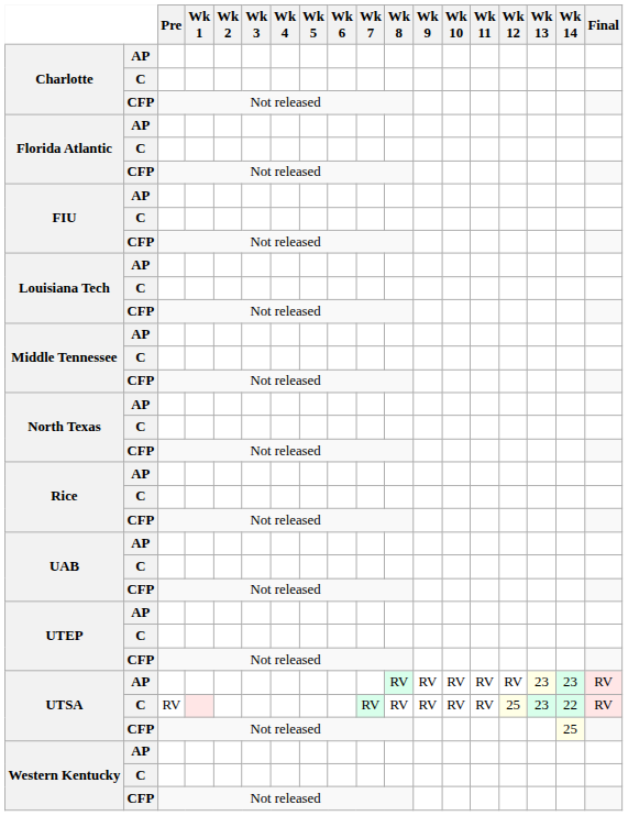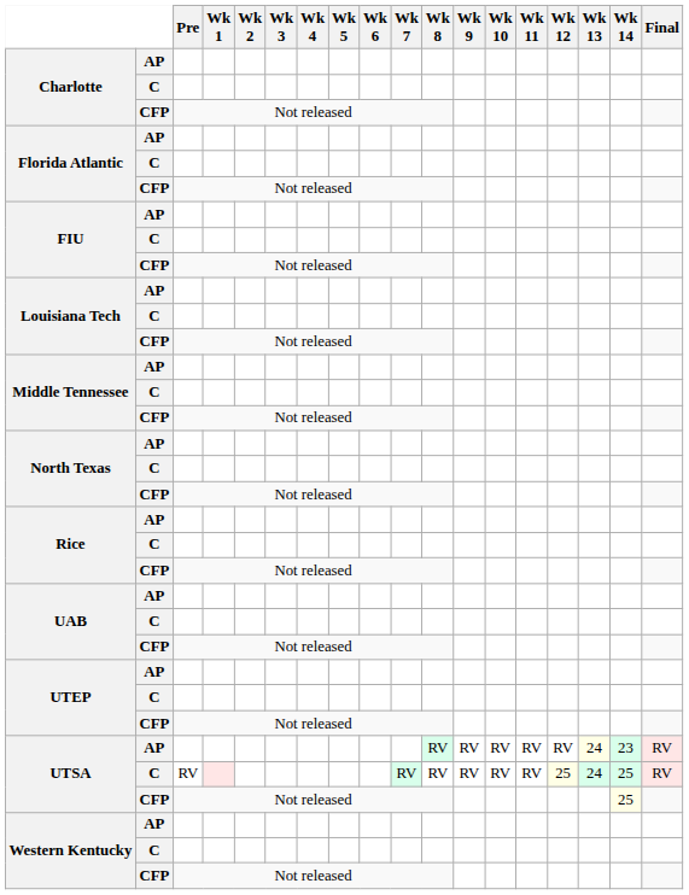 <table class="wikitable" style="white-space:nowrap;font-size:85%;">
 <tr>
 <th colspan=2 style="background:white; border-top-style:hidden; border-left-style:hidden;"> </th>
 <th>Pre</th>
 <th>Wk<br>1</th>
 <th>Wk<br>2</th>
 <th>Wk<br>3</th>
 <th>Wk<br>4</th>
 <th>Wk<br>5</th>
 <th>Wk<br>6</th>
 <th>Wk<br>7</th>
 <th>Wk<br>8</th>
 <th>Wk<br>9</th>
 <th>Wk<br>10</th>
 <th>Wk<br>11</th>
 <th>Wk<br>12</th>
 <th>Wk<br>13</th>
 <th>Wk<br>14</th>
 <th>Final</th>
 </tr>
 <tr style="text-align:center;">
 <th rowspan=3 style=>Charlotte</th>
 <th>AP</th>
 <td style="background:#FFF;"></td>
 <td style="background:#FFF;"></td>
 <td style="background:#FFF;"></td>
 <td style="background:#FFF;"></td>
 <td style="background:#FFF;"></td>
 <td style="background:#FFF;"></td>
 <td style="background:#FFF;"></td>
 <td style="background:#FFF;"></td>
 <td style="background:#FFF;"></td>
 <td style="background:#FFF;"></td>
 <td style="background:#FFF;"></td>
 <td style="background:#FFF;"></td>
 <td style="background:#FFF;"></td>
 <td style="background:#FFF;"></td>
 <td style="background:#FFF;"></td>
 <td style="background:#FFF;"></td>
 </tr>
 <tr style="text-align:center;">
 <th>C</th>
 <td style="background:#FFF;"></td>
 <td style="background:#FFF;"></td>
 <td style="background:#FFF;"></td>
 <td style="background:#FFF;"></td>
 <td style="background:#FFF;"></td>
 <td style="background:#FFF;"></td>
 <td style="background:#FFF;"></td>
 <td style="background:#FFF;"></td>
 <td style="background:#FFF;"></td>
 <td style="background:#FFF;"></td>
 <td style="background:#FFF;"></td>
 <td style="background:#FFF;"></td>
 <td style="background:#FFF;"></td>
 <td style="background:#FFF;"></td>
 <td style="background:#FFF;"></td>
 <td style="background:#FFF;"></td>
 </tr>
 <tr style="text-align:center;">
 <th>CFP</th>
 <td colspan="9" style="text-align:center;">Not released</td>
 <td style="background:#FFF;"></td>
 <td style="background:#FFF;"></td>
 <td style="background:#FFF;"></td>
 <td style="background:#FFF;"></td>
 <td style="background:#FFF;"></td>
 <td style="background:#FFF;"></td>
 <td style="text-align:center;"></td>
 </tr>
 <tr style="text-align:center;">
 <th rowspan=3 style=>Florida Atlantic</th>
 <th>AP</th>
 <td style="background:#FFF;"></td>
 <td style="background:#FFF;"></td>
 <td style="background:#FFF;"></td>
 <td style="background:#FFF;"></td>
 <td style="background:#FFF;"></td>
 <td style="background:#FFF;"></td>
 <td style="background:#FFF;"></td>
 <td style="background:#FFF;"></td>
 <td style="background:#FFF;"></td>
 <td style="background:#FFF;"></td>
 <td style="background:#FFF;"></td>
 <td style="background:#FFF;"></td>
 <td style="background:#FFF;"></td>
 <td style="background:#FFF;"></td>
 <td style="background:#FFF;"></td>
 <td style="background:#FFF;"></td>
 </tr>
 <tr style="text-align:center;">
 <th>C</th>
 <td style="background:#FFF;"></td>
 <td style="background:#FFF;"></td>
 <td style="background:#FFF;"></td>
 <td style="background:#FFF;"></td>
 <td style="background:#FFF;"></td>
 <td style="background:#FFF;"></td>
 <td style="background:#FFF;"></td>
 <td style="background:#FFF;"></td>
 <td style="background:#FFF;"></td>
 <td style="background:#FFF;"></td>
 <td style="background:#FFF;"></td>
 <td style="background:#FFF;"></td>
 <td style="background:#FFF;"></td>
 <td style="background:#FFF;"></td>
 <td style="background:#FFF;"></td>
 <td style="background:#FFF;"></td>
 </tr>
 <tr style="text-align:center;">
 <th>CFP</th>
 <td colspan="9" style="text-align:center;">Not released</td>
 <td style="background:#FFF;"></td>
 <td style="background:#FFF;"></td>
 <td style="background:#FFF;"></td>
 <td style="background:#FFF;"></td>
 <td style="background:#FFF;"></td>
 <td style="background:#FFF;"></td>
 <td style="text-align:center;"></td>
 </tr>
 <tr style="text-align:center;">
 <th rowspan=3 style=>FIU</th>
 <th>AP</th>
 <td style="background:#FFF;"></td>
 <td style="background:#FFF;"></td>
 <td style="background:#FFF;"></td>
 <td style="background:#FFF;"></td>
 <td style="background:#FFF;"></td>
 <td style="background:#FFF;"></td>
 <td style="background:#FFF;"></td>
 <td style="background:#FFF;"></td>
 <td style="background:#FFF;"></td>
 <td style="background:#FFF;"></td>
 <td style="background:#FFF;"></td>
 <td style="background:#FFF;"></td>
 <td style="background:#FFF;"></td>
 <td style="background:#FFF;"></td>
 <td style="background:#FFF;"></td>
 <td style="background:#FFF;"></td>
 </tr>
 <tr style="text-align:center;">
 <th>C</th>
 <td style="background:#FFF;"></td>
 <td style="background:#FFF;"></td>
 <td style="background:#FFF;"></td>
 <td style="background:#FFF;"></td>
 <td style="background:#FFF;"></td>
 <td style="background:#FFF;"></td>
 <td style="background:#FFF;"></td>
 <td style="background:#FFF;"></td>
 <td style="background:#FFF;"></td>
 <td style="background:#FFF;"></td>
 <td style="background:#FFF;"></td>
 <td style="background:#FFF;"></td>
 <td style="background:#FFF;"></td>
 <td style="background:#FFF;"></td>
 <td style="background:#FFF;"></td>
 <td style="background:#FFF;"></td>
 </tr>
 <tr style="text-align:center;">
 <th>CFP</th>
 <td colspan="9" style="text-align:center;">Not released</td>
 <td style="background:#FFF;"></td>
 <td style="background:#FFF;"></td>
 <td style="background:#FFF;"></td>
 <td style="background:#FFF;"></td>
 <td style="background:#FFF;"></td>
 <td style="background:#FFF;"></td>
 <td style="text-align:center;"></td>
 </tr>
 <tr style="text-align:center;">
 <th rowspan=3 style=>Louisiana Tech</th>
 <th>AP</th>
 <td style="background:#FFF;"></td>
 <td style="background:#FFF;"></td>
 <td style="background:#FFF;"></td>
 <td style="background:#FFF;"></td>
 <td style="background:#FFF;"></td>
 <td style="background:#FFF;"></td>
 <td style="background:#FFF;"></td>
 <td style="background:#FFF;"></td>
 <td style="background:#FFF;"></td>
 <td style="background:#FFF;"></td>
 <td style="background:#FFF;"></td>
 <td style="background:#FFF;"></td>
 <td style="background:#FFF;"></td>
 <td style="background:#FFF;"></td>
 <td style="background:#FFF;"></td>
 <td style="background:#FFF;"></td>
 </tr>
 <tr style="text-align:center;">
 <th>C</th>
 <td style="background:#FFF;"></td>
 <td style="background:#FFF;"></td>
 <td style="background:#FFF;"></td>
 <td style="background:#FFF;"></td>
 <td style="background:#FFF;"></td>
 <td style="background:#FFF;"></td>
 <td style="background:#FFF;"></td>
 <td style="background:#FFF;"></td>
 <td style="background:#FFF;"></td>
 <td style="background:#FFF;"></td>
 <td style="background:#FFF;"></td>
 <td style="background:#FFF;"></td>
 <td style="background:#FFF;"></td>
 <td style="background:#FFF;"></td>
 <td style="background:#FFF;"></td>
 <td style="background:#FFF;"></td>
 </tr>
 <tr style="text-align:center;">
 <th>CFP</th>
 <td colspan="9" style="text-align:center;">Not released</td>
 <td style="background:#FFF;"></td>
 <td style="background:#FFF;"></td>
 <td style="background:#FFF;"></td>
 <td style="background:#FFF;"></td>
 <td style="background:#FFF;"></td>
 <td style="background:#FFF;"></td>
 <td style="text-align:center;"></td>
 </tr>
 <tr style="text-align:center;">
 <th rowspan=3 style=>Middle Tennessee</th>
 <th>AP</th>
 <td style="background:#FFF;"></td>
 <td style="background:#FFF;"></td>
 <td style="background:#FFF;"></td>
 <td style="background:#FFF;"></td>
 <td style="background:#FFF;"></td>
 <td style="background:#FFF;"></td>
 <td style="background:#FFF;"></td>
 <td style="background:#FFF;"></td>
 <td style="background:#FFF;"></td>
 <td style="background:#FFF;"></td>
 <td style="background:#FFF;"></td>
 <td style="background:#FFF;"></td>
 <td style="background:#FFF;"></td>
 <td style="background:#FFF;"></td>
 <td style="background:#FFF;"></td>
 <td style="background:#FFF;"></td>
 </tr>
 <tr style="text-align:center;">
 <th>C</th>
 <td style="background:#FFF;"></td>
 <td style="background:#FFF;"></td>
 <td style="background:#FFF;"></td>
 <td style="background:#FFF;"></td>
 <td style="background:#FFF;"></td>
 <td style="background:#FFF;"></td>
 <td style="background:#FFF;"></td>
 <td style="background:#FFF;"></td>
 <td style="background:#FFF;"></td>
 <td style="background:#FFF;"></td>
 <td style="background:#FFF;"></td>
 <td style="background:#FFF;"></td>
 <td style="background:#FFF;"></td>
 <td style="background:#FFF;"></td>
 <td style="background:#FFF;"></td>
 <td style="background:#FFF;"></td>
 </tr>
 <tr style="text-align:center;">
 <th>CFP</th>
 <td colspan="9" style="text-align:center;">Not released</td>
 <td style="background:#FFF;"></td>
 <td style="background:#FFF;"></td>
 <td style="background:#FFF;"></td>
 <td style="background:#FFF;"></td>
 <td style="background:#FFF;"></td>
 <td style="background:#FFF;"></td>
 <td style="text-align:center;"></td>
 </tr>
 <tr style="text-align:center;">
 <th rowspan=3 style=>North Texas</th>
 <th>AP</th>
 <td style="background:#FFF;"></td>
 <td style="background:#FFF;"></td>
 <td style="background:#FFF;"></td>
 <td style="background:#FFF;"></td>
 <td style="background:#FFF;"></td>
 <td style="background:#FFF;"></td>
 <td style="background:#FFF;"></td>
 <td style="background:#FFF;"></td>
 <td style="background:#FFF;"></td>
 <td style="background:#FFF;"></td>
 <td style="background:#FFF;"></td>
 <td style="background:#FFF;"></td>
 <td style="background:#FFF;"></td>
 <td style="background:#FFF;"></td>
 <td style="background:#FFF;"></td>
 <td style="background:#FFF;"></td>
 </tr>
 <tr style="text-align:center;">
 <th>C</th>
 <td style="background:#FFF;"></td>
 <td style="background:#FFF;"></td>
 <td style="background:#FFF;"></td>
 <td style="background:#FFF;"></td>
 <td style="background:#FFF;"></td>
 <td style="background:#FFF;"></td>
 <td style="background:#FFF;"></td>
 <td style="background:#FFF;"></td>
 <td style="background:#FFF;"></td>
 <td style="background:#FFF;"></td>
 <td style="background:#FFF;"></td>
 <td style="background:#FFF;"></td>
 <td style="background:#FFF;"></td>
 <td style="background:#FFF;"></td>
 <td style="background:#FFF;"></td>
 <td style="background:#FFF;"></td>
 </tr>
 <tr style="text-align:center;">
 <th>CFP</th>
 <td colspan="9" style="text-align:center;">Not released</td>
 <td style="background:#FFF;"></td>
 <td style="background:#FFF;"></td>
 <td style="background:#FFF;"></td>
 <td style="background:#FFF;"></td>
 <td style="background:#FFF;"></td>
 <td style="background:#FFF;"></td>
 <td style="text-align:center;"></td>
 </tr>
 <tr style="text-align:center;">
 <th rowspan=3 style=>Rice</th>
 <th>AP</th>
 <td style="background:#FFF;"></td>
 <td style="background:#FFF;"></td>
 <td style="background:#FFF;"></td>
 <td style="background:#FFF;"></td>
 <td style="background:#FFF;"></td>
 <td style="background:#FFF;"></td>
 <td style="background:#FFF;"></td>
 <td style="background:#FFF;"></td>
 <td style="background:#FFF;"></td>
 <td style="background:#FFF;"></td>
 <td style="background:#FFF;"></td>
 <td style="background:#FFF;"></td>
 <td style="background:#FFF;"></td>
 <td style="background:#FFF;"></td>
 <td style="background:#FFF;"></td>
 <td style="background:#FFF;"></td>
 </tr>
 <tr style="text-align:center;">
 <th>C</th>
 <td style="background:#FFF;"></td>
 <td style="background:#FFF;"></td>
 <td style="background:#FFF;"></td>
 <td style="background:#FFF;"></td>
 <td style="background:#FFF;"></td>
 <td style="background:#FFF;"></td>
 <td style="background:#FFF;"></td>
 <td style="background:#FFF;"></td>
 <td style="background:#FFF;"></td>
 <td style="background:#FFF;"></td>
 <td style="background:#FFF;"></td>
 <td style="background:#FFF;"></td>
 <td style="background:#FFF;"></td>
 <td style="background:#FFF;"></td>
 <td style="background:#FFF;"></td>
 <td style="background:#FFF;"></td>
 </tr>
 <tr style="text-align:center;">
 <th>CFP</th>
 <td colspan="9" style="text-align:center;">Not released</td>
 <td style="background:#FFF;"></td>
 <td style="background:#FFF;"></td>
 <td style="background:#FFF;"></td>
 <td style="background:#FFF;"></td>
 <td style="background:#FFF;"></td>
 <td style="background:#FFF;"></td>
 <td style="text-align:center;"></td>
 </tr>
 <tr style="text-align:center;">
 <th rowspan=3 style=>UAB</th>
 <th>AP</th>
 <td style="background:#FFF;"></td>
 <td style="background:#FFF;"></td>
 <td style="background:#FFF;"></td>
 <td style="background:#FFF;"></td>
 <td style="background:#FFF;"></td>
 <td style="background:#FFF;"></td>
 <td style="background:#FFF;"></td>
 <td style="background:#FFF;"></td>
 <td style="background:#FFF;"></td>
 <td style="background:#FFF;"></td>
 <td style="background:#FFF;"></td>
 <td style="background:#FFF;"></td>
 <td style="background:#FFF;"></td>
 <td style="background:#FFF;"></td>
 <td style="background:#FFF;"></td>
 <td style="background:#FFF;"></td>
 </tr>
 <tr style="text-align:center;">
 <th>C</th>
 <td style="background:#FFF;"></td>
 <td style="background:#FFF;"></td>
 <td style="background:#FFF;"></td>
 <td style="background:#FFF;"></td>
 <td style="background:#FFF;"></td>
 <td style="background:#FFF;"></td>
 <td style="background:#FFF;"></td>
 <td style="background:#FFF;"></td>
 <td style="background:#FFF;"></td>
 <td style="background:#FFF;"></td>
 <td style="background:#FFF;"></td>
 <td style="background:#FFF;"></td>
 <td style="background:#FFF;"></td>
 <td style="background:#FFF;"></td>
 <td style="background:#FFF;"></td>
 <td style="background:#FFF;"></td>
 </tr>
 <tr style="text-align:center;">
 <th>CFP</th>
 <td colspan="9" style="text-align:center;">Not released</td>
 <td style="background:#FFF;"></td>
 <td style="background:#FFF;"></td>
 <td style="background:#FFF;"></td>
 <td style="background:#FFF;"></td>
 <td style="background:#FFF;"></td>
 <td style="background:#FFF;"></td>
 <td style="text-align:center;"></td>
 </tr>
 <tr style="text-align:center;">
 <th rowspan=3 style=>UTEP</th>
 <th>AP</th>
 <td style="background:#FFF;"></td>
 <td style="background:#FFF;"></td>
 <td style="background:#FFF;"></td>
 <td style="background:#FFF;"></td>
 <td style="background:#FFF;"></td>
 <td style="background:#FFF;"></td>
 <td style="background:#FFF;"></td>
 <td style="background:#FFF;"></td>
 <td style="background:#FFF;"></td>
 <td style="background:#FFF;"></td>
 <td style="background:#FFF;"></td>
 <td style="background:#FFF;"></td>
 <td style="background:#FFF;"></td>
 <td style="background:#FFF;"></td>
 <td style="background:#FFF;"></td>
 <td style="background:#FFF;"></td>
 </tr>
 <tr style="text-align:center;">
 <th>C</th>
 <td style="background:#FFF;"></td>
 <td style="background:#FFF;"></td>
 <td style="background:#FFF;"></td>
 <td style="background:#FFF;"></td>
 <td style="background:#FFF;"></td>
 <td style="background:#FFF;"></td>
 <td style="background:#FFF;"></td>
 <td style="background:#FFF;"></td>
 <td style="background:#FFF;"></td>
 <td style="background:#FFF;"></td>
 <td style="background:#FFF;"></td>
 <td style="background:#FFF;"></td>
 <td style="background:#FFF;"></td>
 <td style="background:#FFF;"></td>
 <td style="background:#FFF;"></td>
 <td style="background:#FFF;"></td>
 </tr>
 <tr style="text-align:center;">
 <th>CFP</th>
 <td colspan="9" style="text-align:center;">Not released</td>
 <td style="background:#FFF;"></td>
 <td style="background:#FFF;"></td>
 <td style="background:#FFF;"></td>
 <td style="background:#FFF;"></td>
 <td style="background:#FFF;"></td>
 <td style="background:#FFF;"></td>
 <td style="text-align:center;"></td>
 </tr>
 <tr style="text-align:center;">
 <th rowspan=3 style=>UTSA</th>
 <th>AP</th>
 <td style="background:#FFF;"></td>
 <td style="background:#FFF;"></td>
 <td style="background:#FFF;"></td>
 <td style="background:#FFF;"></td>
 <td style="background:#FFF;"></td>
 <td style="background:#FFF;"></td>
 <td style="background:#FFF;"></td>
 <td style="background:#FFF;"></td>
 <td style="background:#d8ffeb;">RV</td>
 <td style="background:#FFF;">RV</td>
 <td style="background:#FFF;">RV</td>
 <td style="background:#FFF;">RV</td>
 <td style="background:#FFF;">RV</td>
-<td style="background:#ffffe6;">23</td>
+<td style="background:#ffffe6;">24</td>
 <td style="background:#d8ffeb;">23</td>
 <td style="background:#ffe6e6;">RV</td>
 </tr>
 <tr style="text-align:center;">
 <th>C</th>
 <td style="background:#FFF;">RV</td>
 <td style="background:#ffe6e6;"></td>
 <td style="background:#FFF;"></td>
 <td style="background:#FFF;"></td>
 <td style="background:#FFF;"></td>
 <td style="background:#FFF;"></td>
 <td style="background:#FFF;"></td>
 <td style="background:#d8ffeb;">RV</td>
 <td style="background:#FFF;">RV</td>
 <td style="background:#FFF;">RV</td>
 <td style="background:#FFF;">RV</td>
 <td style="background:#FFF;">RV</td>
 <td style="background:#ffffe6;">25</td>
-<td style="background:#d8ffeb;">23</td>
-<td style="background:#d8ffeb;">22</td>
+<td style="background:#d8ffeb;">24</td>
+<td style="background:#d8ffeb;">25</td>
 <td style="background:#ffe6e6;">RV</td>
 </tr>
 <tr style="text-align:center;">
 <th>CFP</th>
 <td colspan="9" style="text-align:center;">Not released</td>
 <td style="background:#FFF;"></td>
 <td style="background:#FFF;"></td>
 <td style="background:#FFF;"></td>
 <td style="background:#FFF;"></td>
 <td style="background:#FFF;"></td>
 <td style="background:#ffffe6;">25</td>
 <td style="text-align:center;"></td>
 </tr>
 <tr style="text-align:center;">
 <th rowspan=3 style=>Western Kentucky</th>
 <th>AP</th>
 <td style="background:#FFF;"></td>
 <td style="background:#FFF;"></td>
 <td style="background:#FFF;"></td>
 <td style="background:#FFF;"></td>
 <td style="background:#FFF;"></td>
 <td style="background:#FFF;"></td>
 <td style="background:#FFF;"></td>
 <td style="background:#FFF;"></td>
 <td style="background:#FFF;"></td>
 <td style="background:#FFF;"></td>
 <td style="background:#FFF;"></td>
 <td style="background:#FFF;"></td>
 <td style="background:#FFF;"></td>
 <td style="background:#FFF;"></td>
 <td style="background:#FFF;"></td>
 <td style="background:#FFF;"></td>
 </tr>
 <tr style="text-align:center;">
 <th>C</th>
 <td style="background:#FFF;"></td>
 <td style="background:#FFF;"></td>
 <td style="background:#FFF;"></td>
 <td style="background:#FFF;"></td>
 <td style="background:#FFF;"></td>
 <td style="background:#FFF;"></td>
 <td style="background:#FFF;"></td>
 <td style="background:#FFF;"></td>
 <td style="background:#FFF;"></td>
 <td style="background:#FFF;"></td>
 <td style="background:#FFF;"></td>
 <td style="background:#FFF;"></td>
 <td style="background:#FFF;"></td>
 <td style="background:#FFF;"></td>
 <td style="background:#FFF;"></td>
 <td style="background:#FFF;"></td>
 </tr>
 <tr style="text-align:center;">
 <th>CFP</th>
 <td colspan="9" style="text-align:center;">Not released</td>
 <td style="background:#FFF;"></td>
 <td style="background:#FFF;"></td>
 <td style="background:#FFF;"></td>
 <td style="background:#FFF;"></td>
 <td style="background:#FFF;"></td>
 <td style="background:#FFF;"></td>
 <td style="text-align:center;"></td>
 </tr>
 </table>
